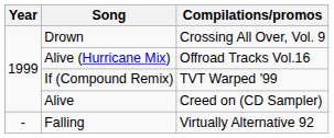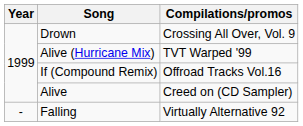 <table class="wikitable">
 <tr>
 <th>Year</th>
 <th>Song</th>
 <th>Compilations/promos</th>
 </tr>
 <tr>
 <td rowspan="4">1999</td>
 <td>Drown</td>
 <td>Crossing All Over, Vol. 9</td>
 </tr>
 <tr>
 <td>Alive (<a href='#'>Hurricane Mix</a>)</td>
-<td>Offroad Tracks Vol.16</td>
+<td>TVT Warped '99</td>
 </tr>
 <tr>
 <td>If (Compound Remix)</td>
-<td>TVT Warped '99</td>
+<td>Offroad Tracks Vol.16</td>
 </tr>
 <tr>
 <td>Alive</td>
 <td>Creed on (CD Sampler)</td>
 </tr>
 <tr>
 <td align="center">-</td>
 <td>Falling</td>
 <td>Virtually Alternative 92</td>
 </tr>
 </table>
